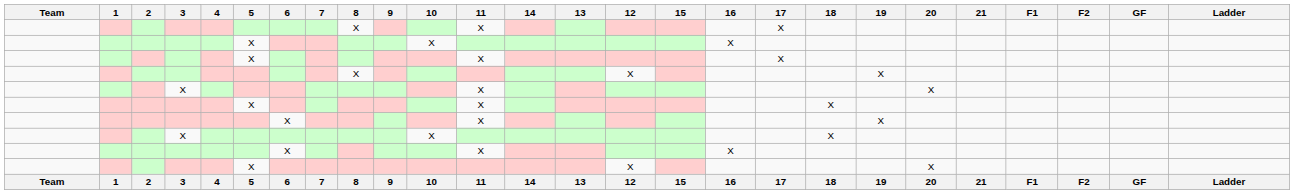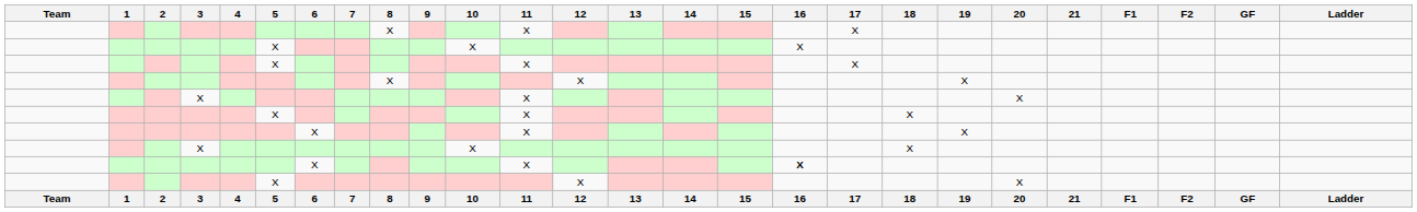 <table class="wikitable sortable" style="font-size:85%; text-align:center; width:90%">
 <tr valign="top">
 <th valign="middle">Team</th>
 <th>1</th>
 <th>2</th>
 <th>3</th>
 <th>4</th>
 <th>5</th>
 <th>6</th>
 <th>7</th>
 <th>8</th>
 <th>9</th>
 <th>10</th>
 <th>11</th>
+<th>12</th>
+<th>13</th>
 <th>14</th>
-<th>13</th>
-<th>12</th>
 <th>15</th>
 <th>16</th>
 <th>17</th>
 <th>18</th>
 <th>19</th>
 <th>20</th>
 <th>21</th>
 <th>F1</th>
 <th>F2</th>
 <th>GF</th>
 <th valign="middle">Ladder</th>
 </tr>
 <tr>
 <td align="left"></td>
 <td style="background:#ffcfcf"></td>
 <td style="background:#cfc"></td>
 <td style="background:#ffcfcf"></td>
 <td style="background:#ffcfcf"></td>
 <td style="background:#cfc"></td>
 <td style="background:#cfc"></td>
 <td style="background:#cfc"></td>
 <td>X</td>
 <td style="background:#ffcfcf"></td>
 <td style="background:#cfc"></td>
 <td>X</td>
 <td style="background:#ffcfcf"></td>
 <td style="background:#cfc"></td>
 <td style="background:#ffcfcf"></td>
 <td style="background:#ffcfcf"></td>
 <td></td>
 <td>X</td>
 <td></td>
 <td></td>
 <td></td>
 <td></td>
 <td></td>
 <td></td>
 <td></td>
 <td></td>
 </tr>
 <tr>
 <td align="left"></td>
 <td style="background:#cfc"></td>
 <td style="background:#cfc"></td>
 <td style="background:#cfc"></td>
 <td style="background:#cfc"></td>
 <td>X</td>
 <td style="background:#ffcfcf"></td>
 <td style="background:#ffcfcf"></td>
 <td style="background:#cfc"></td>
 <td style="background:#cfc"></td>
 <td>X</td>
 <td style="background:#cfc"></td>
 <td style="background:#cfc"></td>
 <td style="background:#cfc"></td>
 <td style="background:#cfc"></td>
 <td style="background:#cfc"></td>
 <td>X</td>
 <td></td>
 <td></td>
 <td></td>
 <td></td>
 <td></td>
 <td></td>
 <td></td>
 <td></td>
 <td></td>
 </tr>
 <tr>
 <td align="left"></td>
 <td style="background:#cfc"></td>
 <td style="background:#ffcfcf"></td>
 <td style="background:#cfc"></td>
 <td style="background:#ffcfcf"></td>
 <td>X</td>
 <td style="background:#cfc"></td>
 <td style="background:#ffcfcf"></td>
 <td style="background:#cfc"></td>
 <td style="background:#ffcfcf"></td>
 <td style="background:#ffcfcf"></td>
 <td>X</td>
 <td style="background:#ffcfcf"></td>
 <td style="background:#ffcfcf"></td>
 <td style="background:#ffcfcf"></td>
 <td style="background:#ffcfcf"></td>
 <td></td>
 <td>X</td>
 <td></td>
 <td></td>
 <td></td>
 <td></td>
 <td></td>
 <td></td>
 <td></td>
 <td></td>
 </tr>
 <tr>
 <td align="left"></td>
 <td style="background:#ffcfcf"></td>
 <td style="background:#cfc"></td>
 <td style="background:#cfc"></td>
 <td style="background:#ffcfcf"></td>
 <td style="background:#ffcfcf"></td>
 <td style="background:#cfc"></td>
 <td style="background:#ffcfcf"></td>
 <td>X</td>
 <td style="background:#ffcfcf"></td>
 <td style="background:#cfc"></td>
 <td style="background:#ffcfcf"></td>
+<td>X</td>
 <td style="background:#cfc"></td>
 <td style="background:#cfc"></td>
-<td>X</td>
 <td style="background:#ffcfcf"></td>
 <td></td>
 <td></td>
 <td></td>
 <td>X</td>
 <td></td>
 <td></td>
 <td></td>
 <td></td>
 <td></td>
 <td></td>
 </tr>
 <tr>
 <td align="left"></td>
 <td style="background:#cfc"></td>
 <td style="background:#ffcfcf"></td>
 <td>X</td>
 <td style="background:#cfc"></td>
 <td style="background:#ffcfcf"></td>
 <td style="background:#ffcfcf"></td>
 <td style="background:#cfc"></td>
 <td style="background:#cfc"></td>
 <td style="background:#cfc"></td>
 <td style="background:#ffcfcf"></td>
 <td>X</td>
 <td style="background:#cfc"></td>
 <td style="background:#ffcfcf"></td>
 <td style="background:#cfc"></td>
 <td style="background:#cfc"></td>
 <td></td>
 <td></td>
 <td></td>
 <td></td>
 <td>X</td>
 <td></td>
 <td></td>
 <td></td>
 <td></td>
 <td></td>
 </tr>
 <tr>
 <td align="left"></td>
 <td style="background:#ffcfcf"></td>
 <td style="background:#ffcfcf"></td>
 <td style="background:#ffcfcf"></td>
 <td style="background:#ffcfcf"></td>
 <td>X</td>
 <td style="background:#ffcfcf"></td>
 <td style="background:#cfc"></td>
 <td style="background:#ffcfcf"></td>
 <td style="background:#ffcfcf"></td>
 <td style="background:#cfc"></td>
 <td>X</td>
-<td style="background:#cfc"></td>
 <td style="background:#ffcfcf"></td>
 <td style="background:#ffcfcf"></td>
+<td style="background:#cfc"></td>
 <td style="background:#ffcfcf"></td>
 <td></td>
 <td></td>
 <td>X</td>
 <td></td>
 <td></td>
 <td></td>
 <td></td>
 <td></td>
 <td></td>
 <td></td>
 </tr>
 <tr>
 <td align="left"></td>
 <td style="background:#ffcfcf"></td>
 <td style="background:#ffcfcf"></td>
 <td style="background:#ffcfcf"></td>
 <td style="background:#ffcfcf"></td>
 <td style="background:#ffcfcf"></td>
 <td>X</td>
 <td style="background:#ffcfcf"></td>
 <td style="background:#ffcfcf"></td>
 <td style="background:#cfc"></td>
 <td style="background:#ffcfcf"></td>
 <td>X</td>
 <td style="background:#ffcfcf"></td>
 <td style="background:#cfc"></td>
 <td style="background:#ffcfcf"></td>
 <td style="background:#cfc"></td>
 <td></td>
 <td></td>
 <td></td>
 <td>X</td>
 <td></td>
 <td></td>
 <td></td>
 <td></td>
 <td></td>
 <td></td>
 </tr>
 <tr>
 <td align="left"></td>
 <td style="background:#ffcfcf"></td>
 <td style="background:#cfc"></td>
 <td>X</td>
 <td style="background:#cfc"></td>
 <td style="background:#cfc"></td>
 <td style="background:#cfc"></td>
 <td style="background:#cfc"></td>
 <td style="background:#cfc"></td>
 <td style="background:#cfc"></td>
 <td>X</td>
 <td style="background:#cfc"></td>
 <td style="background:#cfc"></td>
 <td style="background:#cfc"></td>
 <td style="background:#cfc"></td>
 <td style="background:#cfc"></td>
 <td></td>
 <td></td>
 <td>X</td>
 <td></td>
 <td></td>
 <td></td>
 <td></td>
 <td></td>
 <td></td>
 <td></td>
 </tr>
 <tr>
 <td align="left"></td>
 <td style="background:#cfc"></td>
 <td style="background:#cfc"></td>
 <td style="background:#cfc"></td>
 <td style="background:#cfc"></td>
 <td style="background:#cfc"></td>
 <td>X</td>
 <td style="background:#cfc"></td>
 <td style="background:#ffcfcf"></td>
 <td style="background:#cfc"></td>
 <td style="background:#cfc"></td>
 <td>X</td>
+<td style="background:#cfc"></td>
 <td style="background:#ffcfcf"></td>
 <td style="background:#ffcfcf"></td>
 <td style="background:#cfc"></td>
-<td style="background:#cfc"></td>
-<td>X</td>
+<td><strong>X</strong></td>
 <td></td>
 <td></td>
 <td></td>
 <td></td>
 <td></td>
 <td></td>
 <td></td>
 <td></td>
 <td></td>
 </tr>
 <tr>
 <td align="left"></td>
 <td style="background:#ffcfcf"></td>
 <td style="background:#cfc"></td>
 <td style="background:#ffcfcf"></td>
 <td style="background:#ffcfcf"></td>
 <td>X</td>
 <td style="background:#ffcfcf"></td>
 <td style="background:#ffcfcf"></td>
 <td style="background:#ffcfcf"></td>
 <td style="background:#ffcfcf"></td>
 <td style="background:#ffcfcf"></td>
 <td style="background:#ffcfcf"></td>
+<td>X</td>
 <td style="background:#ffcfcf"></td>
 <td style="background:#ffcfcf"></td>
-<td>X</td>
 <td style="background:#ffcfcf"></td>
 <td></td>
 <td></td>
 <td></td>
 <td></td>
 <td>X</td>
 <td></td>
 <td></td>
 <td></td>
 <td></td>
 <td></td>
 </tr>
 <tr valign="top">
 <th valign="middle">Team</th>
 <th>1</th>
 <th>2</th>
 <th>3</th>
 <th>4</th>
 <th>5</th>
 <th>6</th>
 <th>7</th>
 <th>8</th>
 <th>9</th>
 <th>10</th>
 <th>11</th>
+<th>12</th>
+<th>13</th>
 <th>14</th>
-<th>13</th>
-<th>12</th>
 <th>15</th>
 <th>16</th>
 <th>17</th>
 <th>18</th>
 <th>19</th>
 <th>20</th>
 <th>21</th>
 <th>F1</th>
 <th>F2</th>
 <th>GF</th>
 <th valign="middle">Ladder</th>
 </tr>
 </table>
